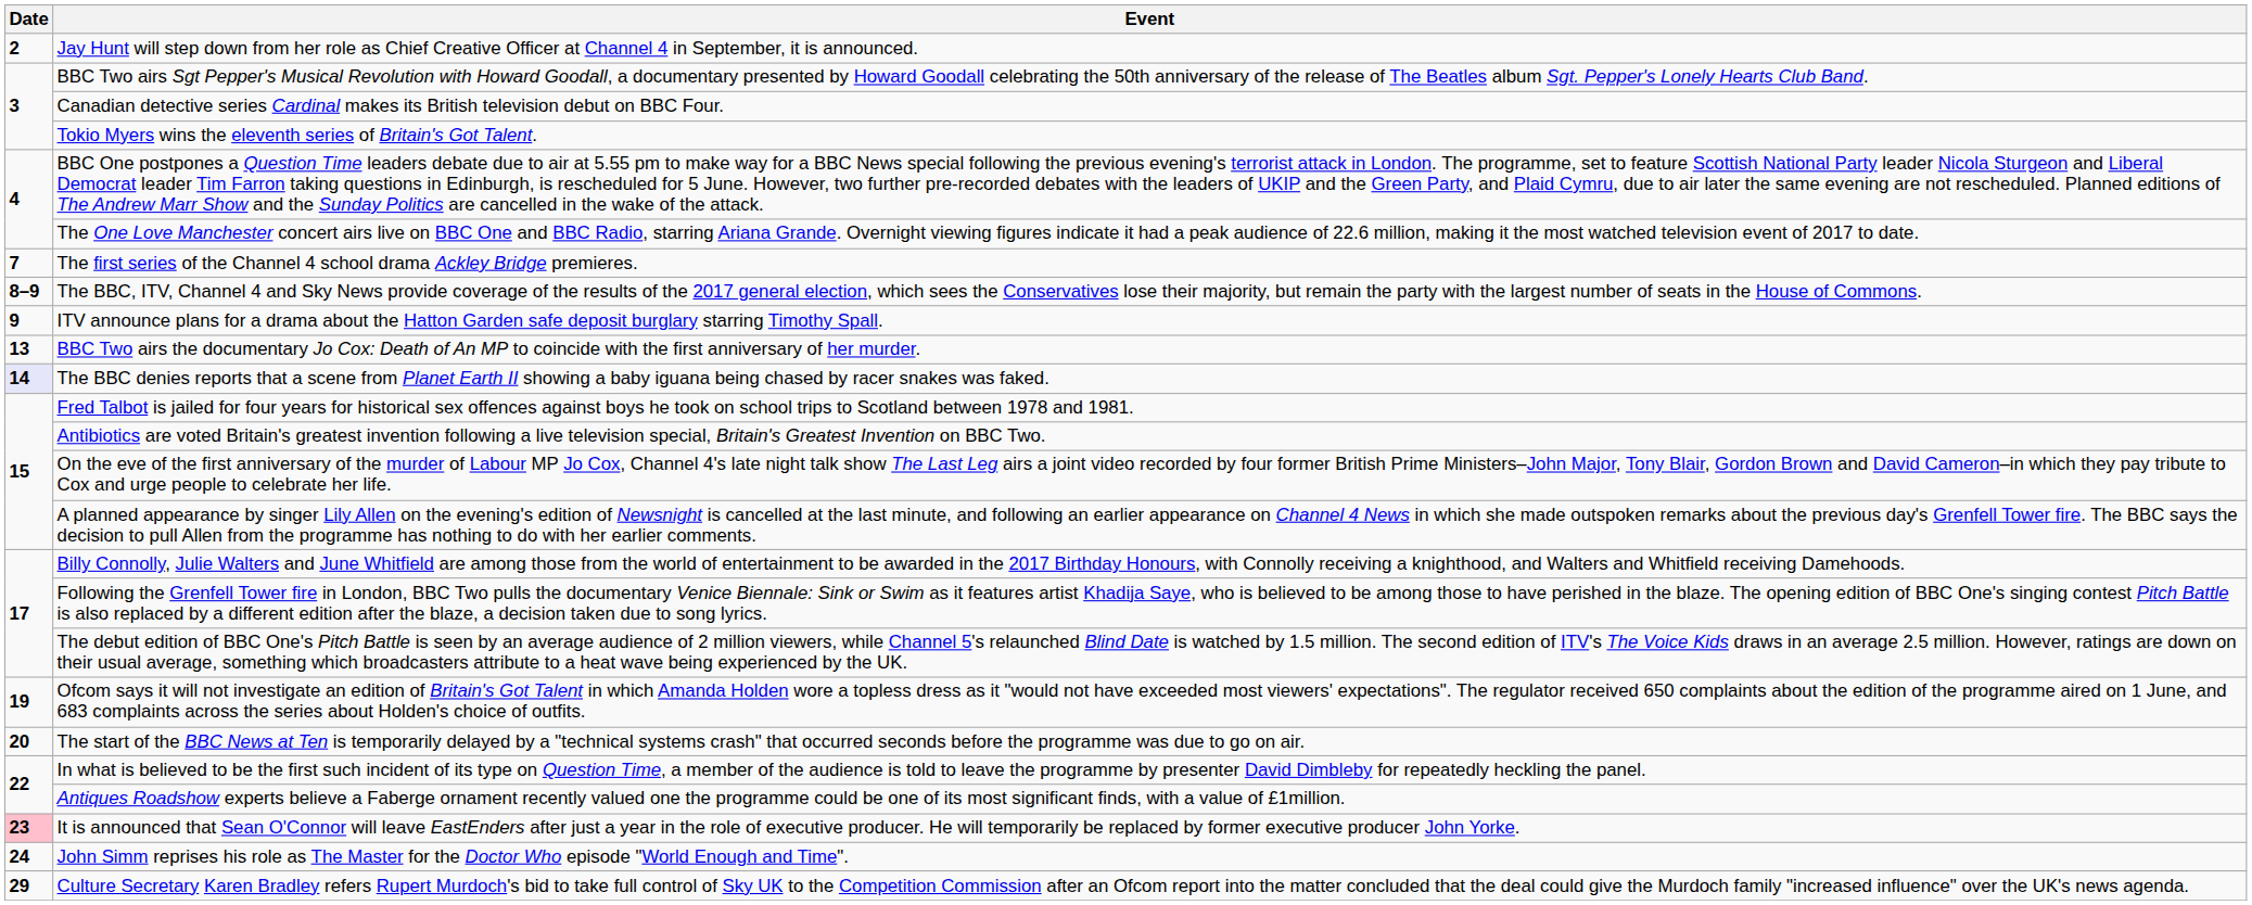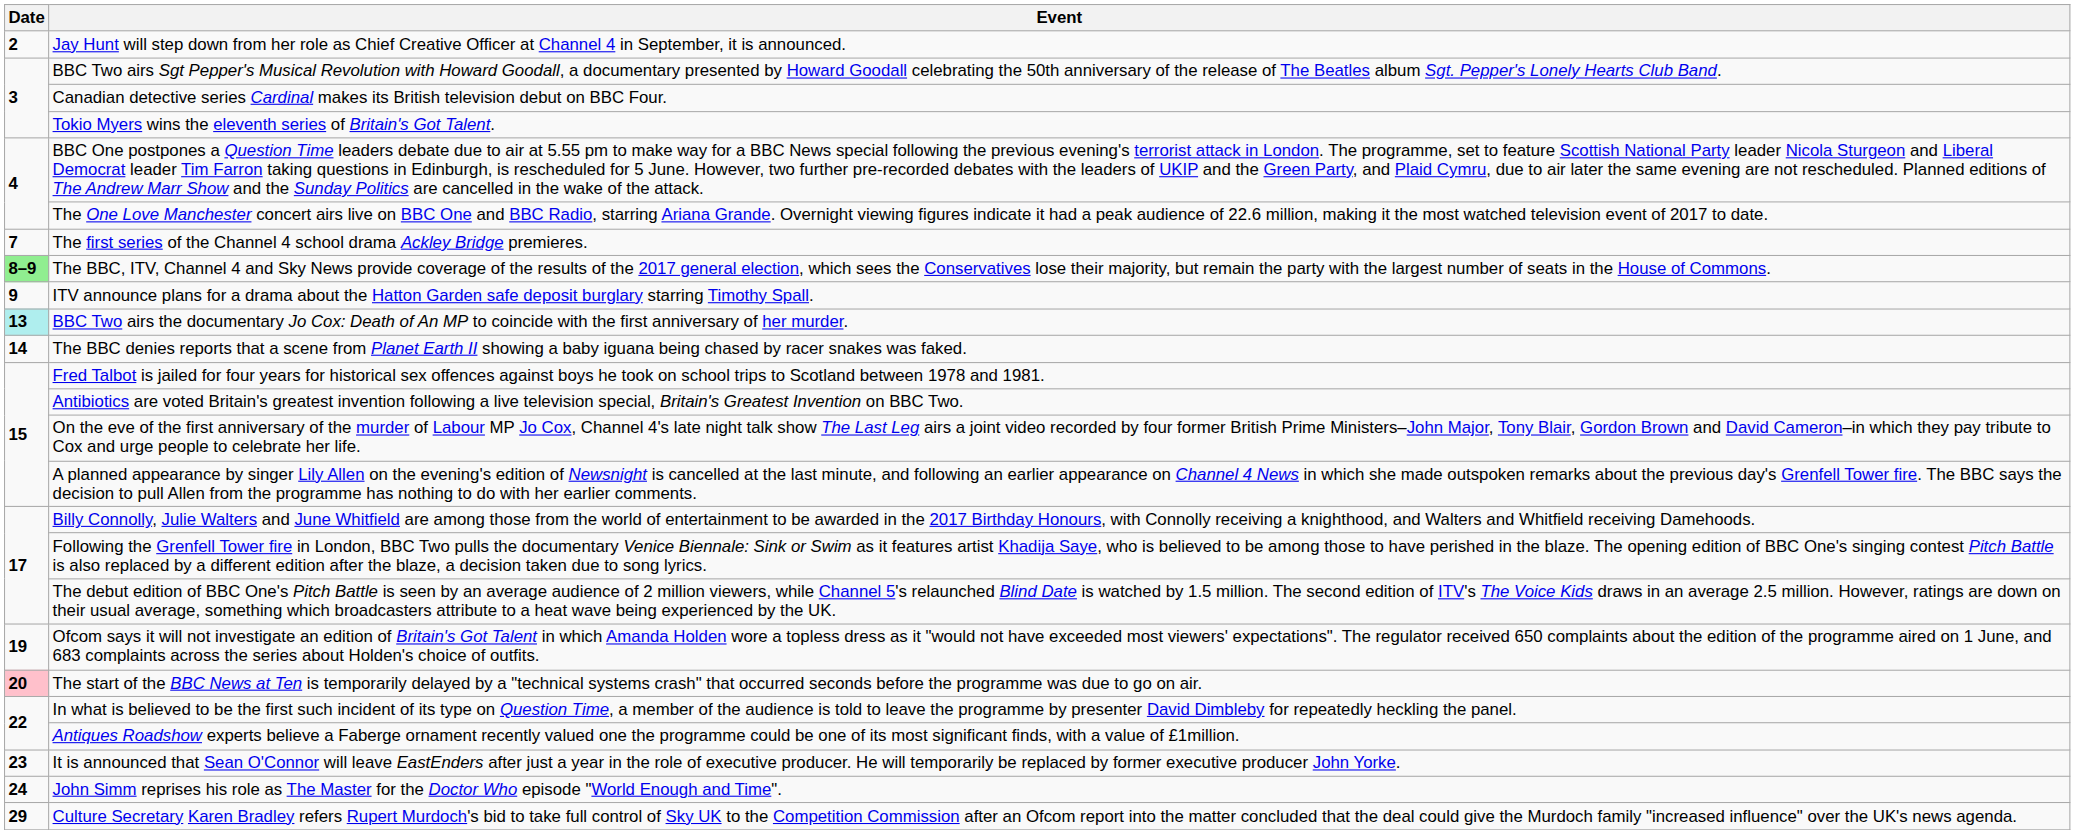 <table class="wikitable">
 <tr>
 <th>Date</th>
 <th>Event</th>
 </tr>
 <tr>
 <td><strong>2</strong></td>
 <td><a href='#'>Jay Hunt</a> will step down from her role as Chief Creative Officer at <a href='#'>Channel 4</a> in September, it is announced.</td>
 </tr>
 <tr>
 <td rowspan=3><strong>3</strong></td>
 <td>BBC Two airs <em>Sgt Pepper's Musical Revolution with Howard Goodall</em>, a documentary presented by <a href='#'>Howard Goodall</a> celebrating the 50th anniversary of the release of <a href='#'>The Beatles</a> album <em><a href='#'>Sgt. Pepper's Lonely Hearts Club Band</a></em>.</td>
 </tr>
 <tr>
 <td>Canadian detective series <em><a href='#'>Cardinal</a></em> makes its British television debut on BBC Four.</td>
 </tr>
 <tr>
 <td><a href='#'>Tokio Myers</a> wins the <a href='#'>eleventh series</a> of <em><a href='#'>Britain's Got Talent</a></em>.</td>
 </tr>
 <tr>
 <td rowspan=2><strong>4</strong></td>
 <td>BBC One postpones a <em><a href='#'>Question Time</a></em> leaders debate due to air at 5.55 pm to make way for a BBC News special following the previous evening's <a href='#'>terrorist attack in London</a>. The programme, set to feature <a href='#'>Scottish National Party</a> leader <a href='#'>Nicola Sturgeon</a> and <a href='#'>Liberal Democrat</a> leader <a href='#'>Tim Farron</a> taking questions in Edinburgh, is rescheduled for 5 June. However, two further pre-recorded debates with the leaders of <a href='#'>UKIP</a> and the <a href='#'>Green Party</a>, and <a href='#'>Plaid Cymru</a>, due to air later the same evening are not rescheduled. Planned editions of <em><a href='#'>The Andrew Marr Show</a></em> and the <em><a href='#'>Sunday Politics</a></em> are cancelled in the wake of the attack.</td>
 </tr>
 <tr>
 <td>The <em><a href='#'>One Love Manchester</a></em> concert airs live on <a href='#'>BBC One</a> and <a href='#'>BBC Radio</a>, starring <a href='#'>Ariana Grande</a>. Overnight viewing figures indicate it had a peak audience of 22.6 million, making it the most watched television event of 2017 to date.</td>
 </tr>
 <tr>
 <td><strong>7</strong></td>
 <td>The <a href='#'>first series</a> of the Channel 4 school drama <em><a href='#'>Ackley Bridge</a></em> premieres.</td>
 </tr>
 <tr>
-<td><strong>8–9</strong></td>
+<td style="background: lightgreen;"><strong>8–9</strong></td>
 <td>The BBC, ITV, Channel 4 and Sky News provide coverage of the results of the <a href='#'>2017 general election</a>, which sees the <a href='#'>Conservatives</a> lose their majority, but remain the party with the largest number of seats in the <a href='#'>House of Commons</a>.</td>
 </tr>
 <tr>
 <td><strong>9</strong></td>
 <td>ITV announce plans for a drama about the <a href='#'>Hatton Garden safe deposit burglary</a> starring <a href='#'>Timothy Spall</a>.</td>
 </tr>
 <tr>
-<td><strong>13</strong></td>
+<td style="background: paleturquoise;"><strong>13</strong></td>
 <td><a href='#'>BBC Two</a> airs the documentary <em>Jo Cox: Death of An MP</em> to coincide with the first anniversary of <a href='#'>her murder</a>.</td>
 </tr>
 <tr>
-<td style="background: lavender;"><strong>14</strong></td>
+<td><strong>14</strong></td>
 <td>The BBC denies reports that a scene from <em><a href='#'>Planet Earth II</a></em> showing a baby iguana being chased by racer snakes was faked.</td>
 </tr>
 <tr>
 <td rowspan=4><strong>15</strong></td>
 <td><a href='#'>Fred Talbot</a> is jailed for four years for historical sex offences against boys he took on school trips to Scotland between 1978 and 1981.</td>
 </tr>
 <tr>
 <td><a href='#'>Antibiotics</a> are voted Britain's greatest invention following a live television special, <em>Britain's Greatest Invention</em> on BBC Two.</td>
 </tr>
 <tr>
 <td>On the eve of the first anniversary of the <a href='#'>murder</a> of <a href='#'>Labour</a> MP <a href='#'>Jo Cox</a>, Channel 4's late night talk show <em><a href='#'>The Last Leg</a></em> airs a joint video recorded by four former British Prime Ministers–<a href='#'>John Major</a>, <a href='#'>Tony Blair</a>, <a href='#'>Gordon Brown</a> and <a href='#'>David Cameron</a>–in which they pay tribute to Cox and urge people to celebrate her life.</td>
 </tr>
 <tr>
 <td>A planned appearance by singer <a href='#'>Lily Allen</a> on the evening's edition of <em><a href='#'>Newsnight</a></em> is cancelled at the last minute, and following an earlier appearance on <em><a href='#'>Channel 4 News</a></em> in which she made outspoken remarks about the previous day's <a href='#'>Grenfell Tower fire</a>. The BBC says the decision to pull Allen from the programme has nothing to do with her earlier comments.</td>
 </tr>
 <tr>
 <td rowspan=3><strong>17</strong></td>
 <td><a href='#'>Billy Connolly</a>, <a href='#'>Julie Walters</a> and <a href='#'>June Whitfield</a> are among those from the world of entertainment to be awarded in the <a href='#'>2017 Birthday Honours</a>, with Connolly receiving a knighthood, and Walters and Whitfield receiving Damehoods.</td>
 </tr>
 <tr>
 <td>Following the <a href='#'>Grenfell Tower fire</a> in London, BBC Two pulls the documentary <em>Venice Biennale: Sink or Swim</em> as it features artist <a href='#'>Khadija Saye</a>, who is believed to be among those to have perished in the blaze. The opening edition of BBC One's singing contest <em><a href='#'>Pitch Battle</a></em> is also replaced by a different edition after the blaze, a decision taken due to song lyrics.</td>
 </tr>
 <tr>
 <td>The debut edition of BBC One's <em>Pitch Battle</em> is seen by an average audience of 2 million viewers, while <a href='#'>Channel 5</a>'s relaunched <em><a href='#'>Blind Date</a></em> is watched by 1.5 million. The second edition of <a href='#'>ITV</a>'s <em><a href='#'>The Voice Kids</a></em> draws in an average 2.5 million. However, ratings are down on their usual average, something which broadcasters attribute to a heat wave being experienced by the UK.</td>
 </tr>
 <tr>
 <td><strong>19</strong></td>
 <td>Ofcom says it will not investigate an edition of <em><a href='#'>Britain's Got Talent</a></em> in which <a href='#'>Amanda Holden</a> wore a topless dress as it "would not have exceeded most viewers' expectations". The regulator received 650 complaints about the edition of the programme aired on 1 June, and 683 complaints across the series about Holden's choice of outfits.</td>
 </tr>
 <tr>
-<td><strong>20</strong></td>
+<td style="background: pink;"><strong>20</strong></td>
 <td>The start of the <em><a href='#'>BBC News at Ten</a></em> is temporarily delayed by a "technical systems crash" that occurred seconds before the programme was due to go on air.</td>
 </tr>
 <tr>
 <td rowspan=2><strong>22</strong></td>
 <td>In what is believed to be the first such incident of its type on <em><a href='#'>Question Time</a></em>, a member of the audience is told to leave the programme by presenter <a href='#'>David Dimbleby</a> for repeatedly heckling the panel.</td>
 </tr>
 <tr>
 <td><em><a href='#'>Antiques Roadshow</a></em> experts believe a Faberge ornament recently valued one the programme could be one of its most significant finds, with a value of £1million.</td>
 </tr>
 <tr>
-<td style="background: pink;"><strong>23</strong></td>
+<td><strong>23</strong></td>
 <td>It is announced that <a href='#'>Sean O'Connor</a> will leave <em>EastEnders</em> after just a year in the role of executive producer. He will temporarily be replaced by former executive producer <a href='#'>John Yorke</a>.</td>
 </tr>
 <tr>
 <td><strong>24</strong></td>
 <td><a href='#'>John Simm</a> reprises his role as <a href='#'>The Master</a> for the <em><a href='#'>Doctor Who</a></em> episode "<a href='#'>World Enough and Time</a>".</td>
 </tr>
 <tr>
 <td><strong>29</strong></td>
 <td><a href='#'>Culture Secretary</a> <a href='#'>Karen Bradley</a> refers <a href='#'>Rupert Murdoch</a>'s bid to take full control of <a href='#'>Sky UK</a> to the <a href='#'>Competition Commission</a> after an Ofcom report into the matter concluded that the deal could give the Murdoch family "increased influence" over the UK's news agenda.</td>
 </tr>
 </table>
